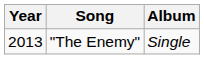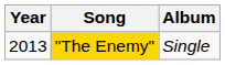 <table class="wikitable">
 <tr>
 <th>Year</th>
 <th>Song</th>
 <th>Album</th>
 </tr>
 <tr>
 <td rowspan=4>2013</td>
-<td>"The Enemy"</td>
+<td style="background: gold;">"The Enemy"</td>
 <td rowspan=2><em>Single</em></td>
 </tr>
 </table>
